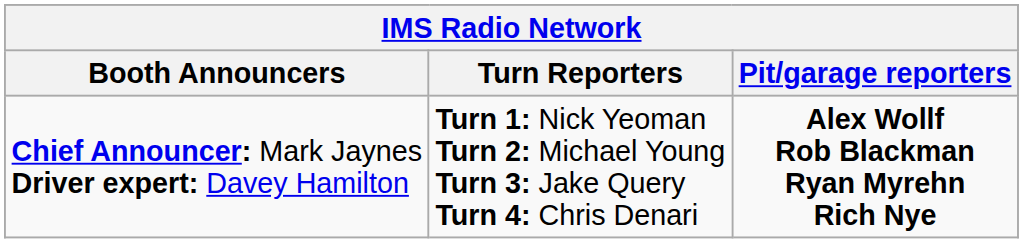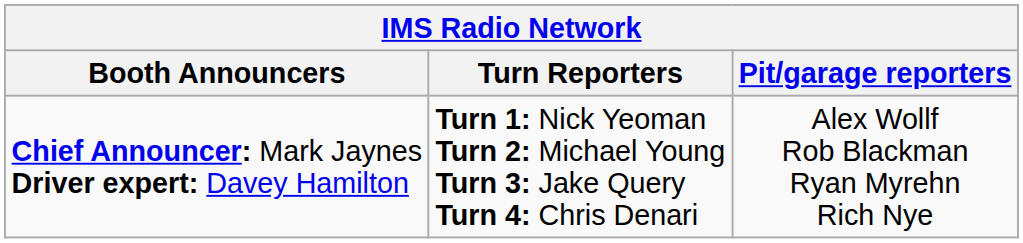 <table class="wikitable" style="font-size: 95%;">
 <tr>
 <th colspan=3><a href='#'>IMS Radio Network</a></th>
 </tr>
 <tr>
 <th>Booth Announcers</th>
 <th>Turn Reporters</th>
 <th><a href='#'>Pit/garage reporters</a></th>
 </tr>
 <tr>
 <td><strong><a href='#'>Chief Announcer</a>:</strong> Mark Jaynes<br><strong>Driver expert:</strong> <a href='#'>Davey Hamilton</a><br></td>
 <td><strong>Turn 1:</strong> Nick Yeoman<br><strong>Turn 2:</strong> Michael Young<br><strong>Turn 3:</strong> Jake Query<br><strong>Turn 4:</strong> Chris Denari<br></td>
-<td align=center><strong>Alex Wollf<br>Rob Blackman<br>Ryan Myrehn<br>Rich Nye</strong></td>
+<td align=center>Alex Wollf<br>Rob Blackman<br>Ryan Myrehn<br>Rich Nye</td>
 </tr>
 </table>
